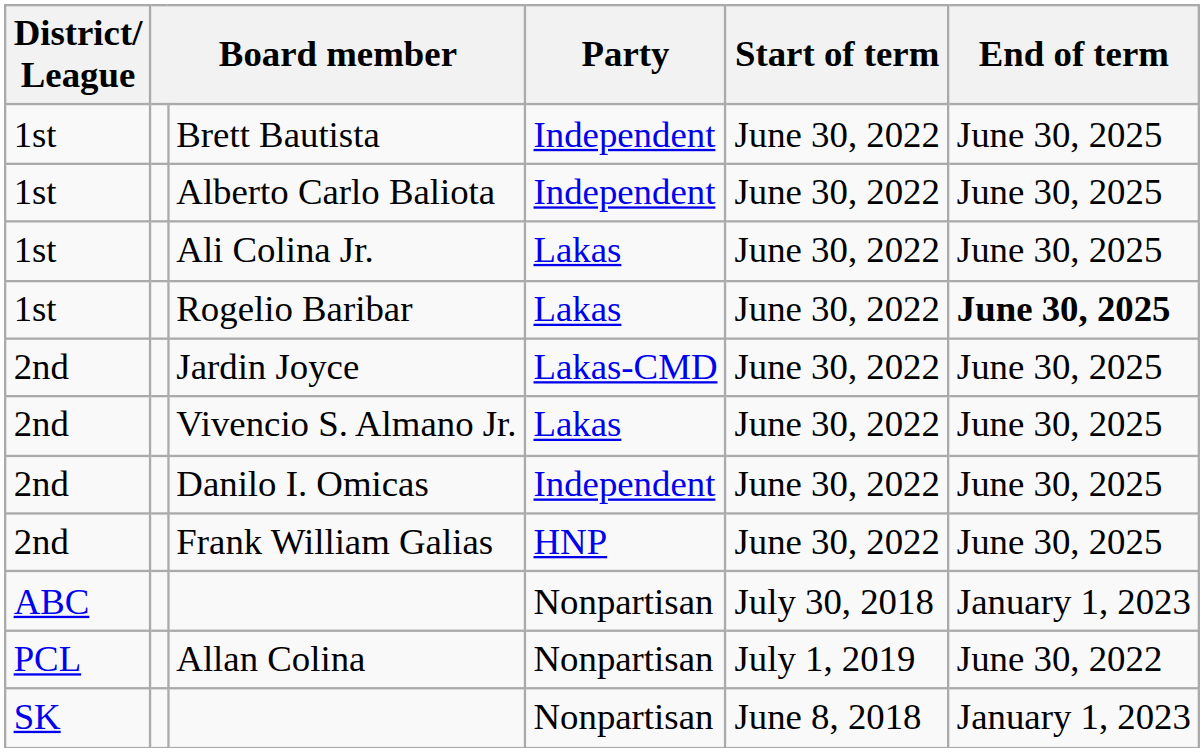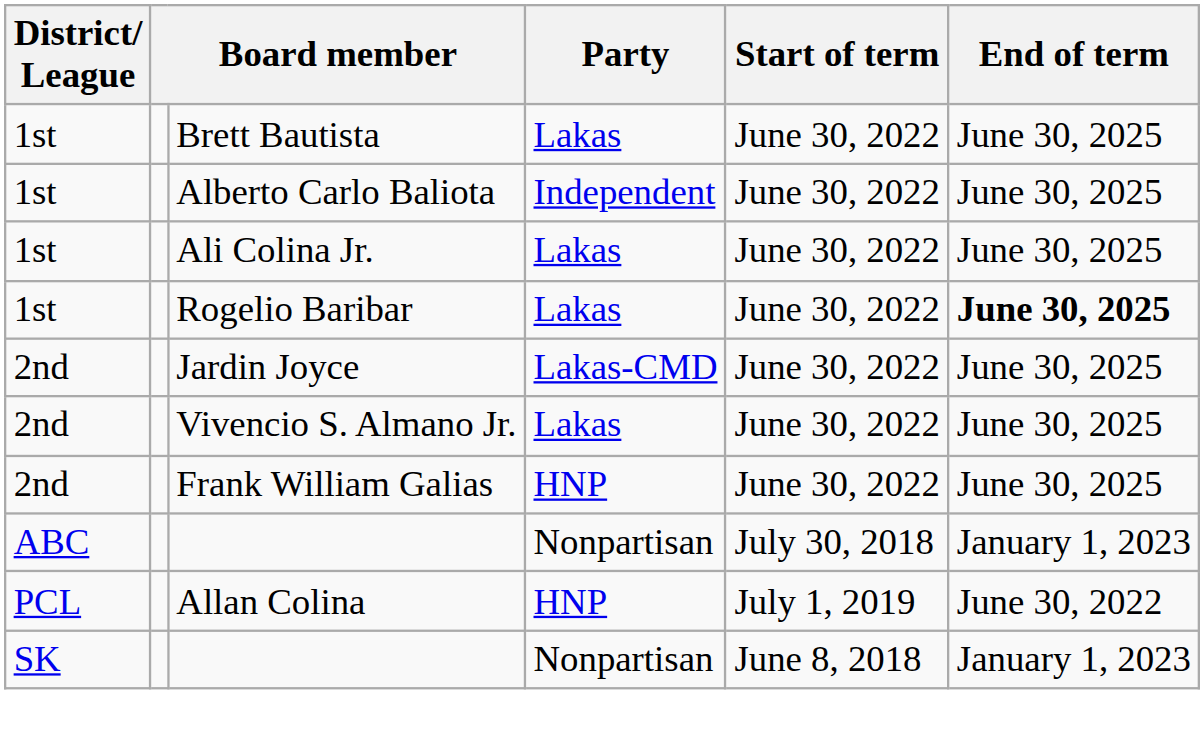 <table class="wikitable">
 <tr>
 <th>District/<br>League</th>
 <th colspan="2">Board member</th>
 <th>Party</th>
 <th>Start of term</th>
 <th>End of term</th>
 </tr>
 <tr>
 <td>1st</td>
 <td></td>
 <td>Brett Bautista</td>
-<td><a href='#'>Independent</a></td>
+<td><a href='#'>Lakas</a></td>
 <td>June 30, 2022</td>
 <td>June 30, 2025</td>
 </tr>
 <tr>
 <td>1st</td>
 <td></td>
 <td>Alberto Carlo Baliota</td>
 <td><a href='#'>Independent</a></td>
 <td>June 30, 2022</td>
 <td>June 30, 2025</td>
 </tr>
 <tr>
 <td>1st</td>
 <td></td>
 <td>Ali Colina Jr.</td>
 <td><a href='#'>Lakas</a></td>
 <td>June 30, 2022</td>
 <td>June 30, 2025</td>
 </tr>
 <tr>
 <td>1st</td>
 <td></td>
 <td>Rogelio Baribar</td>
 <td><a href='#'>Lakas</a></td>
 <td>June 30, 2022</td>
 <td><strong>June 30, 2025</strong></td>
 </tr>
 <tr>
 <td>2nd</td>
 <td></td>
 <td>Jardin Joyce</td>
 <td><a href='#'>Lakas-CMD</a></td>
 <td>June 30, 2022</td>
 <td>June 30, 2025</td>
 </tr>
 <tr>
 <td>2nd</td>
 <td></td>
 <td>Vivencio S. Almano Jr.</td>
 <td><a href='#'>Lakas</a></td>
 <td>June 30, 2022</td>
 <td>June 30, 2025</td>
 </tr>
 <tr>
 <td>2nd</td>
 <td></td>
-<td>Danilo I. Omicas</td>
-<td><a href='#'>Independent</a></td>
-<td>June 30, 2022</td>
-<td>June 30, 2025</td>
-</tr>
-<tr>
-<td>2nd</td>
-<td></td>
 <td>Frank William Galias</td>
 <td><a href='#'>HNP</a></td>
 <td>June 30, 2022</td>
 <td>June 30, 2025</td>
 </tr>
 <tr>
 <td><a href='#'>ABC</a></td>
 <td></td>
 <td></td>
 <td>Nonpartisan</td>
 <td>July 30, 2018</td>
 <td>January 1, 2023</td>
 </tr>
 <tr>
 <td><a href='#'>PCL</a></td>
 <td></td>
 <td>Allan Colina</td>
-<td>Nonpartisan</td>
+<td><a href='#'>HNP</a></td>
 <td>July 1, 2019</td>
 <td>June 30, 2022</td>
 </tr>
 <tr>
 <td><a href='#'>SK</a></td>
 <td></td>
 <td></td>
 <td>Nonpartisan</td>
 <td>June 8, 2018</td>
 <td>January 1, 2023</td>
 </tr>
 </table>
